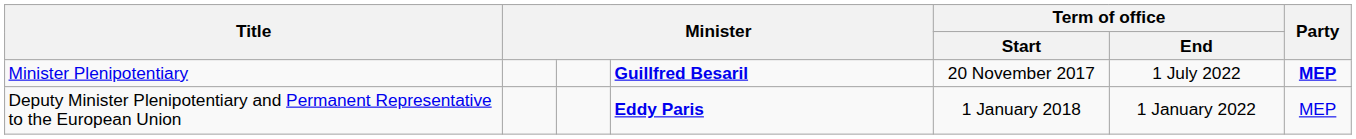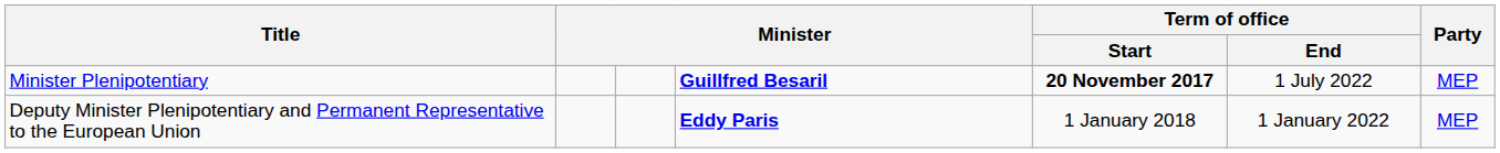 <table class="wikitable sortable" style="text-align:left">
 <tr>
 <th rowspan="2" width="37%">Title</th>
 <th colspan="3" rowspan="2">Minister</th>
 <th colspan="2">Term of office</th>
 <th rowspan="2" width="5%">Party</th>
 </tr>
 <tr>
 <th width="13%" data-sort-type=date>Start</th>
 <th width="13%" data-sort-type=date>End</th>
 </tr>
 <tr>
 <td><a href='#'>Minister Plenipotentiary</a></td>
 <td style="background:"></td>
 <td></td>
 <td width="24%"><strong><a href='#'>Guillfred Besaril</a></strong></td>
-<td style="text-align:center">20 November 2017</td>
+<td style="text-align:center"><strong>20 November 2017</strong></td>
 <td style="text-align:center">1 July 2022</td>
-<td style="text-align:center"><strong><a href='#'>MEP</a></strong></td>
+<td style="text-align:center"><a href='#'>MEP</a></td>
 </tr>
 <tr>
 <td>Deputy Minister Plenipotentiary and <a href='#'>Permanent Representative</a> to the European Union</td>
 <td style="background:"></td>
 <td></td>
 <td><strong><a href='#'>Eddy Paris</a></strong></td>
 <td style="text-align:center">1 January 2018</td>
 <td style="text-align:center">1 January 2022</td>
 <td style="text-align:center"><a href='#'>MEP</a></td>
 </tr>
 </table>
